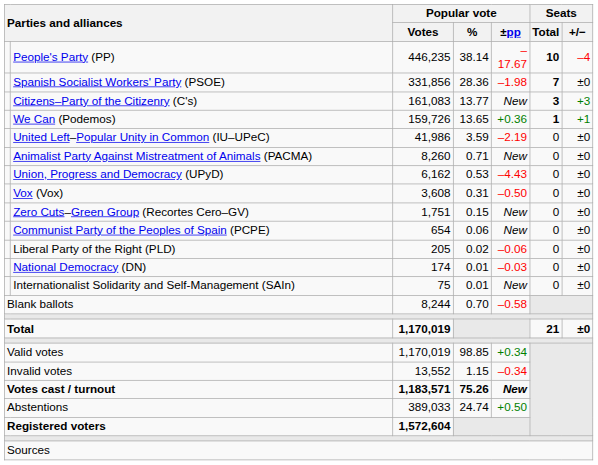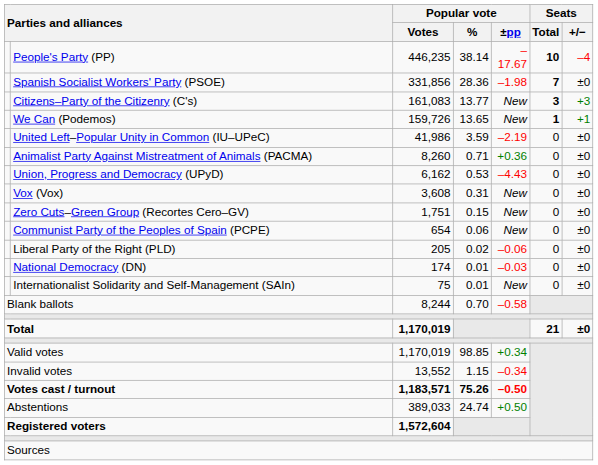 <table class="wikitable" style="text-align:right;">
 <tr>
 <th style="text-align:left;" rowspan="2" colspan="2" width="525">Parties and alliances</th>
 <th colspan="3">Popular vote</th>
 <th colspan="2">Seats</th>
 </tr>
 <tr>
 <th width="75">Votes</th>
 <th width="45">%</th>
 <th width="45">±<a href='#'>pp</a></th>
 <th width="35">Total</th>
 <th width="35">+/−</th>
 </tr>
 <tr>
 <td width="1" style="color:inherit;background:"></td>
 <td align="left"><a href='#'>People's Party</a> (PP)</td>
 <td>446,235</td>
 <td>38.14</td>
 <td style="color:red;">–17.67</td>
 <td><strong>10</strong></td>
 <td style="color:red;">–4</td>
 </tr>
 <tr>
 <td style="color:inherit;background:"></td>
 <td align="left"><a href='#'>Spanish Socialist Workers' Party</a> (PSOE)</td>
 <td>331,856</td>
 <td>28.36</td>
 <td style="color:red;">–1.98</td>
 <td><strong>7</strong></td>
 <td>±0</td>
 </tr>
 <tr>
 <td style="color:inherit;background:"></td>
 <td align="left"><a href='#'>Citizens–Party of the Citizenry</a> (C's)</td>
 <td>161,083</td>
 <td>13.77</td>
 <td><em>New</em></td>
 <td><strong>3</strong></td>
 <td style="color:green;">+3</td>
 </tr>
 <tr>
 <td style="color:inherit;background:"></td>
 <td align="left"><a href='#'>We Can</a> (Podemos)</td>
 <td>159,726</td>
 <td>13.65</td>
-<td style="color:green;">+0.36</td>
+<td><em>New</em></td>
 <td><strong>1</strong></td>
 <td style="color:green;">+1</td>
 </tr>
 <tr>
 <td style="color:inherit;background:"></td>
 <td align="left"><a href='#'>United Left</a>–<a href='#'>Popular Unity in Common</a> (IU–UPeC)</td>
 <td>41,986</td>
 <td>3.59</td>
 <td style="color:red;">–2.19</td>
 <td>0</td>
 <td>±0</td>
 </tr>
 <tr>
 <td style="color:inherit;background:"></td>
 <td align="left"><a href='#'>Animalist Party Against Mistreatment of Animals</a> (PACMA)</td>
 <td>8,260</td>
 <td>0.71</td>
-<td><em>New</em></td>
+<td style="color:green;">+0.36</td>
 <td>0</td>
 <td>±0</td>
 </tr>
 <tr>
 <td style="color:inherit;background:"></td>
 <td align="left"><a href='#'>Union, Progress and Democracy</a> (UPyD)</td>
 <td>6,162</td>
 <td>0.53</td>
 <td style="color:red;">–4.43</td>
 <td>0</td>
 <td>±0</td>
 </tr>
 <tr>
 <td style="color:inherit;background:"></td>
 <td align="left"><a href='#'>Vox</a> (Vox)</td>
 <td>3,608</td>
 <td>0.31</td>
-<td style="color:red;">–0.50</td>
+<td><em>New</em></td>
 <td>0</td>
 <td>±0</td>
 </tr>
 <tr>
 <td style="color:inherit;background:"></td>
 <td align="left"><a href='#'>Zero Cuts</a>–<a href='#'>Green Group</a> (Recortes Cero–GV)</td>
 <td>1,751</td>
 <td>0.15</td>
 <td><em>New</em></td>
 <td>0</td>
 <td>±0</td>
 </tr>
 <tr>
 <td style="color:inherit;background:"></td>
 <td align="left"><a href='#'>Communist Party of the Peoples of Spain</a> (PCPE)</td>
 <td>654</td>
 <td>0.06</td>
 <td><em>New</em></td>
 <td>0</td>
 <td>±0</td>
 </tr>
 <tr>
 <td style="color:inherit;background:"></td>
 <td align="left">Liberal Party of the Right (PLD)</td>
 <td>205</td>
 <td>0.02</td>
 <td style="color:red;">–0.06</td>
 <td>0</td>
 <td>±0</td>
 </tr>
 <tr>
 <td style="color:inherit;background:"></td>
 <td align="left"><a href='#'>National Democracy</a> (DN)</td>
 <td>174</td>
 <td>0.01</td>
 <td style="color:red;">–0.03</td>
 <td>0</td>
 <td>±0</td>
 </tr>
 <tr>
 <td style="color:inherit;background:"></td>
 <td align="left">Internationalist Solidarity and Self-Management (SAIn)</td>
 <td>75</td>
 <td>0.01</td>
 <td><em>New</em></td>
 <td>0</td>
 <td>±0</td>
 </tr>
 <tr>
 <td align="left" colspan="2">Blank ballots</td>
 <td>8,244</td>
 <td>0.70</td>
 <td style="color:red;">–0.58</td>
 <td bgcolor="#E9E9E9" colspan="2"></td>
 </tr>
 <tr>
 <td colspan="7" bgcolor="#E9E9E9"></td>
 </tr>
 <tr style="font-weight:bold;">
 <td align="left" colspan="2">Total</td>
 <td>1,170,019</td>
 <td bgcolor="#E9E9E9" colspan="2"></td>
 <td>21</td>
 <td>±0</td>
 </tr>
 <tr>
 <td colspan="7" bgcolor="#E9E9E9"></td>
 </tr>
 <tr>
 <td align="left" colspan="2">Valid votes</td>
 <td>1,170,019</td>
 <td>98.85</td>
 <td style="color:green;">+0.34</td>
 <td bgcolor="#E9E9E9" colspan="2" rowspan="5"></td>
 </tr>
 <tr>
 <td align="left" colspan="2">Invalid votes</td>
 <td>13,552</td>
 <td>1.15</td>
 <td style="color:red;">–0.34</td>
 </tr>
 <tr style="font-weight:bold;">
 <td align="left" colspan="2">Votes cast / turnout</td>
 <td>1,183,571</td>
 <td>75.26</td>
-<td><em>New</em></td>
+<td style="color:red;">–0.50</td>
 </tr>
 <tr>
 <td align="left" colspan="2">Abstentions</td>
 <td>389,033</td>
 <td>24.74</td>
 <td style="color:green;">+0.50</td>
 </tr>
 <tr style="font-weight:bold;">
 <td align="left" colspan="2">Registered voters</td>
 <td>1,572,604</td>
 <td bgcolor="#E9E9E9" colspan="2"></td>
 </tr>
 <tr>
 <td colspan="7" bgcolor="#E9E9E9"></td>
 </tr>
 <tr>
 <td align="left" colspan="7">Sources</td>
 </tr>
 </table>
